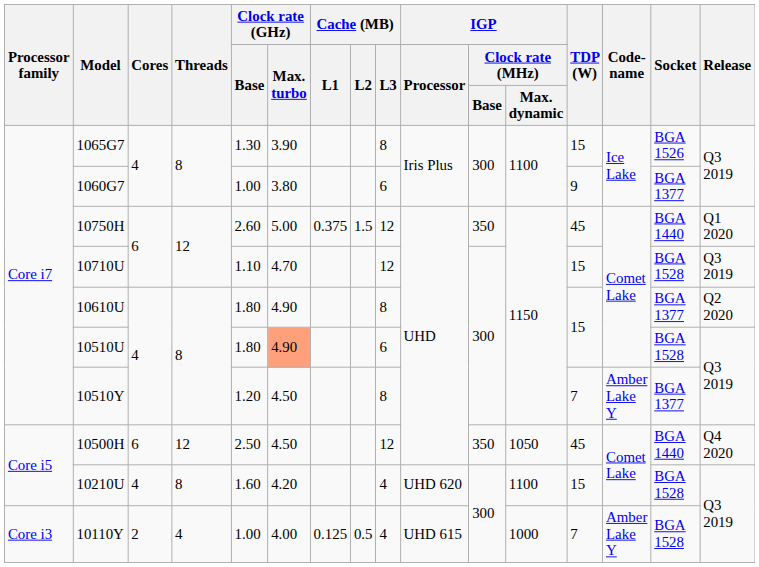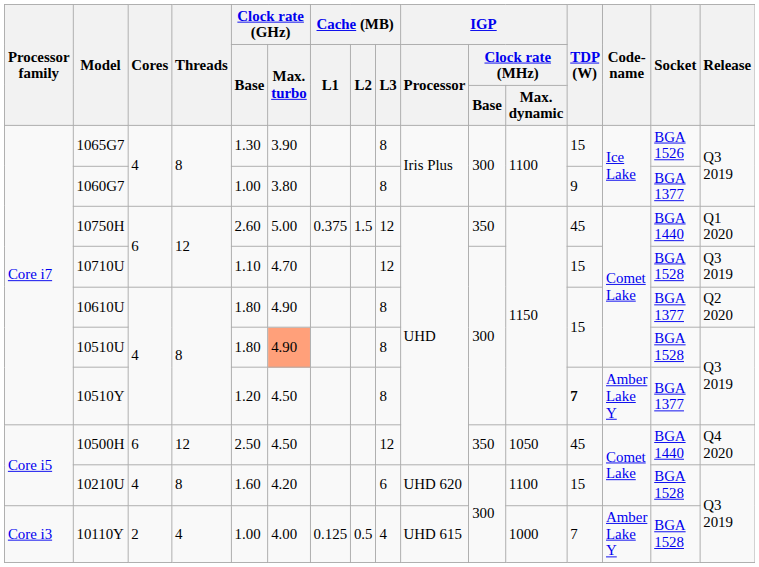 <table class="wikitable center sortable sort-under mw-collapsible">
 <tr>
 <th rowspan=3>Processor <br>family</th>
 <th rowspan=3 data-sort-type=text>Model</th>
 <th rowspan=3 data-sort-type=number>Cores</th>
 <th rowspan=3 data-sort-type=number>Threads</th>
 <th colspan=2><a href='#'>Clock rate</a> (GHz)</th>
 <th colspan=3><a href='#'> Cache</a> (MB)</th>
 <th colspan=3><a href='#'> IGP</a></th>
 <th rowspan=3 data-sort-type=number><a href='#'> TDP</a> (W)</th>
 <th rowspan=3 data-sort-type=text>Code­name</th>
 <th rowspan=3 data-sort-type=text>Socket</th>
 <th rowspan=3 data-sort-type=date>Release</th>
 </tr>
 <tr>
 <th rowspan=2 data-sort-type=number>Base</th>
 <th rowspan=2 data-sort-type=number>Max. <a href='#'> turbo</a></th>
 <th rowspan=2 data-sort-type=number>L1</th>
 <th rowspan=2 data-sort-type=number>L2</th>
 <th rowspan=2 data-sort-type=number>L3</th>
 <th rowspan=2 data-sort-type=text>Processor</th>
 <th colspan=2><a href='#'>Clock rate</a> (MHz)</th>
 </tr>
 <tr>
 <th data-sort-type=number>Base</th>
 <th data-sort-type=number>Max. dynamic</th>
 </tr>
 <tr>
 <td rowspan="7"><a href='#'>Core i7</a></td>
 <td>1065G7</td>
 <td rowspan="2">4</td>
 <td rowspan="2">8</td>
 <td>1.30</td>
 <td>3.90</td>
 <td></td>
 <td></td>
 <td>8</td>
 <td rowspan="2">Iris Plus</td>
 <td rowspan="2">300</td>
 <td rowspan="2">1100</td>
 <td>15</td>
 <td rowspan="2"><a href='#'> Ice Lake</a></td>
 <td><a href='#'>BGA 1526</a></td>
 <td rowspan="2">Q3 2019</td>
 </tr>
 <tr>
 <td>1060G7</td>
 <td>1.00</td>
 <td>3.80</td>
 <td></td>
 <td></td>
-<td>6</td>
+<td>8</td>
 <td>9</td>
 <td><a href='#'>BGA 1377</a></td>
 </tr>
 <tr>
 <td>10750H</td>
 <td rowspan="2">6</td>
 <td rowspan="2">12</td>
 <td>2.60</td>
 <td>5.00</td>
 <td>0.375</td>
 <td>1.5</td>
 <td>12</td>
 <td rowspan="6">UHD</td>
 <td>350</td>
 <td rowspan="5">1150</td>
 <td>45</td>
 <td rowspan="4"><a href='#'>Comet Lake</a></td>
 <td><a href='#'>BGA 1440</a></td>
 <td>Q1 2020</td>
 </tr>
 <tr>
 <td>10710U</td>
 <td>1.10</td>
 <td>4.70</td>
 <td></td>
 <td></td>
 <td>12</td>
 <td rowspan="4">300</td>
 <td>15</td>
 <td><a href='#'>BGA 1528</a></td>
 <td>Q3 2019</td>
 </tr>
 <tr>
 <td>10610U</td>
 <td rowspan="3">4</td>
 <td rowspan="3">8</td>
 <td>1.80</td>
 <td>4.90</td>
 <td></td>
 <td></td>
 <td>8</td>
 <td rowspan="2">15</td>
 <td><a href='#'>BGA 1377</a></td>
 <td>Q2 2020</td>
 </tr>
 <tr>
 <td>10510U</td>
 <td>1.80</td>
 <td style="background: lightsalmon;">4.90</td>
 <td></td>
 <td></td>
-<td>6</td>
+<td>8</td>
 <td><a href='#'>BGA 1528</a></td>
 <td rowspan="2">Q3 2019</td>
 </tr>
 <tr>
 <td>10510Y</td>
 <td>1.20</td>
 <td>4.50</td>
 <td></td>
 <td></td>
 <td>8</td>
-<td>7</td>
+<td><strong>7</strong></td>
 <td><a href='#'>Amber Lake Y</a></td>
 <td><a href='#'>BGA 1377</a></td>
 </tr>
 <tr>
 <td rowspan="2"><a href='#'>Core i5</a></td>
 <td>10500H</td>
 <td>6</td>
 <td>12</td>
 <td>2.50</td>
 <td 4.50>4.50</td>
 <td></td>
 <td></td>
 <td>12</td>
 <td>350</td>
 <td>1050</td>
 <td>45</td>
 <td rowspan="2"><a href='#'>Comet Lake</a></td>
 <td><a href='#'>BGA 1440</a></td>
 <td>Q4 2020</td>
 </tr>
 <tr>
 <td>10210U</td>
 <td>4</td>
 <td>8</td>
 <td>1.60</td>
 <td>4.20</td>
 <td></td>
 <td></td>
-<td>4</td>
+<td>6</td>
 <td>UHD 620</td>
 <td rowspan="2">300</td>
 <td>1100</td>
 <td>15</td>
 <td><a href='#'>BGA 1528</a></td>
 <td rowspan="2">Q3 2019</td>
 </tr>
 <tr>
 <td rowspan="1"><a href='#'>Core i3</a></td>
 <td>10110Y</td>
 <td>2</td>
 <td>4</td>
 <td>1.00</td>
 <td>4.00</td>
 <td>0.125</td>
 <td>0.5</td>
 <td>4</td>
 <td>UHD 615</td>
 <td>1000</td>
 <td>7</td>
 <td><a href='#'>Amber Lake Y</a></td>
 <td><a href='#'>BGA 1528</a></td>
 </tr>
 </table>
